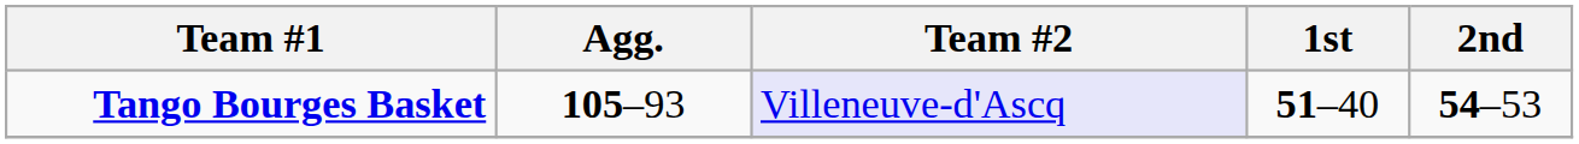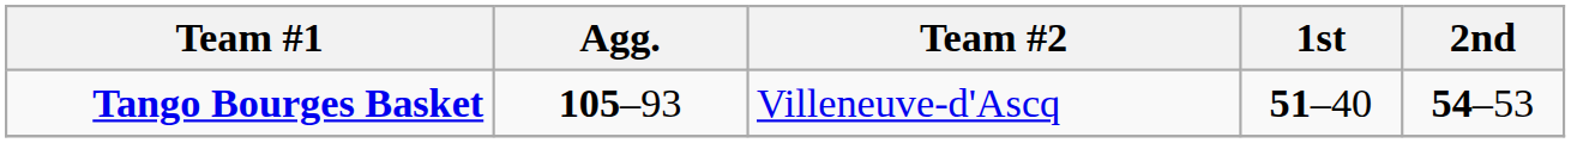 <table class=wikitable style="text-align:center">
 <tr>
 <th width=200>Team #1</th>
 <th width=100>Agg.</th>
 <th width=200>Team #2</th>
 <th width=60>1st</th>
 <th width=60>2nd</th>
 </tr>
 <tr>
 <td align=right><strong><a href='#'>Tango Bourges Basket</a></strong> </td>
 <td><strong>105</strong>–93</td>
-<td align=left style="background: lavender;"> <a href='#'>Villeneuve-d'Ascq</a></td>
+<td align=left> <a href='#'>Villeneuve-d'Ascq</a></td>
 <td align=center><strong>51</strong>–40</td>
 <td align=center><strong>54</strong>–53</td>
 </tr>
 <tr>
 </tr>
 </table>
